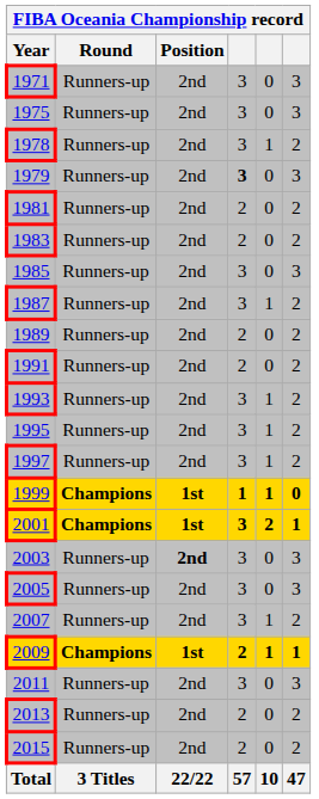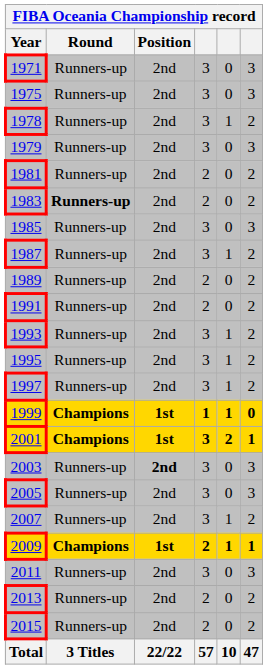 <table class="wikitable" style="text-align: center;">
 <tr>
 <th colspan=10><a href='#'>FIBA Oceania Championship</a> record</th>
 </tr>
 <tr>
 <th>Year</th>
 <th>Round</th>
 <th>Position</th>
 <th></th>
 <th></th>
 <th></th>
 </tr>
 <tr style="background:silver;">
 <td style="border: 3px solid red"> <a href='#'>1971</a></td>
 <td>Runners-up</td>
 <td>2nd</td>
 <td>3</td>
 <td>0</td>
 <td>3</td>
 </tr>
 <tr style="background:silver;">
 <td> <a href='#'>1975</a></td>
 <td>Runners-up</td>
 <td>2nd</td>
 <td>3</td>
 <td>0</td>
 <td>3</td>
 </tr>
 <tr style="background:silver;">
 <td style="border: 3px solid red"> <a href='#'>1978</a></td>
 <td>Runners-up</td>
 <td>2nd</td>
 <td>3</td>
 <td>1</td>
 <td>2</td>
 </tr>
 <tr style="background:silver;">
 <td> <a href='#'>1979</a></td>
 <td>Runners-up</td>
 <td>2nd</td>
-<td><strong>3</strong></td>
+<td>3</td>
 <td>0</td>
 <td>3</td>
 </tr>
 <tr style="background:silver;">
 <td style="border: 3px solid red"> <a href='#'>1981</a></td>
 <td>Runners-up</td>
 <td>2nd</td>
 <td>2</td>
 <td>0</td>
 <td>2</td>
 </tr>
 <tr style="background:silver;">
 <td style="border: 3px solid red"> <a href='#'>1983</a></td>
-<td>Runners-up</td>
+<td><strong>Runners-up</strong></td>
 <td>2nd</td>
 <td>2</td>
 <td>0</td>
 <td>2</td>
 </tr>
 <tr style="background:silver;">
 <td> <a href='#'>1985</a></td>
 <td>Runners-up</td>
 <td>2nd</td>
 <td>3</td>
 <td>0</td>
 <td>3</td>
 </tr>
 <tr style="background:silver;">
 <td style="border: 3px solid red"> <a href='#'>1987</a></td>
 <td>Runners-up</td>
 <td>2nd</td>
 <td>3</td>
 <td>1</td>
 <td>2</td>
 </tr>
 <tr style="background:silver;">
 <td> <a href='#'>1989</a></td>
 <td>Runners-up</td>
 <td>2nd</td>
 <td>2</td>
 <td>0</td>
 <td>2</td>
 </tr>
 <tr style="background:silver;">
 <td style="border: 3px solid red"> <a href='#'>1991</a></td>
 <td>Runners-up</td>
 <td>2nd</td>
 <td>2</td>
 <td>0</td>
 <td>2</td>
 </tr>
 <tr style="background:silver;">
 <td style="border: 3px solid red"> <a href='#'>1993</a></td>
 <td>Runners-up</td>
 <td>2nd</td>
 <td>3</td>
 <td>1</td>
 <td>2</td>
 </tr>
 <tr style="background:silver;">
 <td> <a href='#'>1995</a></td>
 <td>Runners-up</td>
 <td>2nd</td>
 <td>3</td>
 <td>1</td>
 <td>2</td>
 </tr>
 <tr style="background:silver;">
 <td style="border: 3px solid red"> <a href='#'>1997</a></td>
 <td>Runners-up</td>
 <td>2nd</td>
 <td>3</td>
 <td>1</td>
 <td>2</td>
 </tr>
 <tr style="background:gold;">
 <td style="border: 3px solid red"> <a href='#'>1999</a></td>
 <td><strong>Champions</strong></td>
 <td><strong>1st</strong></td>
 <td><strong>1</strong></td>
 <td><strong>1</strong></td>
 <td><strong>0</strong></td>
 </tr>
 <tr style="background:gold;">
 <td style="border: 3px solid red"> <a href='#'>2001</a></td>
 <td><strong>Champions</strong></td>
 <td><strong>1st</strong></td>
 <td><strong>3</strong></td>
 <td><strong>2</strong></td>
 <td><strong>1</strong></td>
 </tr>
 <tr style="background:silver;">
 <td> <a href='#'>2003</a></td>
 <td>Runners-up</td>
 <td><strong>2nd</strong></td>
 <td>3</td>
 <td>0</td>
 <td>3</td>
 </tr>
 <tr style="background:silver;">
 <td style="border: 3px solid red"> <a href='#'>2005</a></td>
 <td>Runners-up</td>
 <td>2nd</td>
 <td>3</td>
 <td>0</td>
 <td>3</td>
 </tr>
 <tr style="background:silver;">
 <td> <a href='#'>2007</a></td>
 <td>Runners-up</td>
 <td>2nd</td>
 <td>3</td>
 <td>1</td>
 <td>2</td>
 </tr>
 <tr style="background:gold;">
 <td style="border: 3px solid red">  <a href='#'>2009</a></td>
 <td><strong>Champions</strong></td>
 <td><strong>1st</strong></td>
 <td><strong>2</strong></td>
 <td><strong>1</strong></td>
 <td><strong>1</strong></td>
 </tr>
 <tr style="background:silver;">
 <td> <a href='#'>2011</a></td>
 <td>Runners-up</td>
 <td>2nd</td>
 <td>3</td>
 <td>0</td>
 <td>3</td>
 </tr>
 <tr style="background:silver;">
 <td style="border: 3px solid red">  <a href='#'>2013</a></td>
 <td>Runners-up</td>
 <td>2nd</td>
 <td>2</td>
 <td>0</td>
 <td>2</td>
 </tr>
 <tr style="background:silver;">
 <td style="border: 3px solid red">  <a href='#'>2015</a></td>
 <td>Runners-up</td>
 <td>2nd</td>
 <td>2</td>
 <td>0</td>
 <td>2</td>
 </tr>
 <tr>
 <th>Total</th>
 <th>3 Titles</th>
 <th>22/22</th>
 <th>57</th>
 <th>10</th>
 <th>47</th>
 </tr>
 </table>
